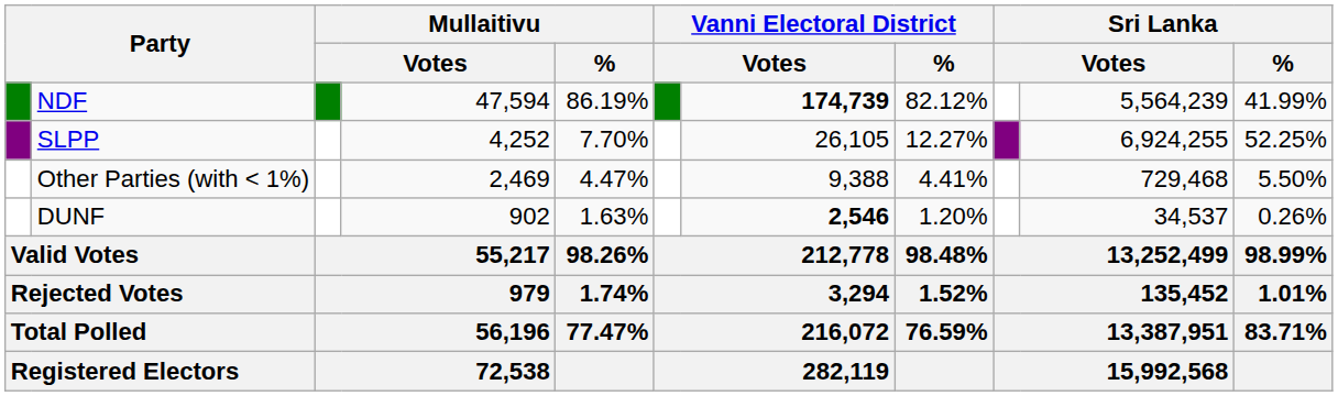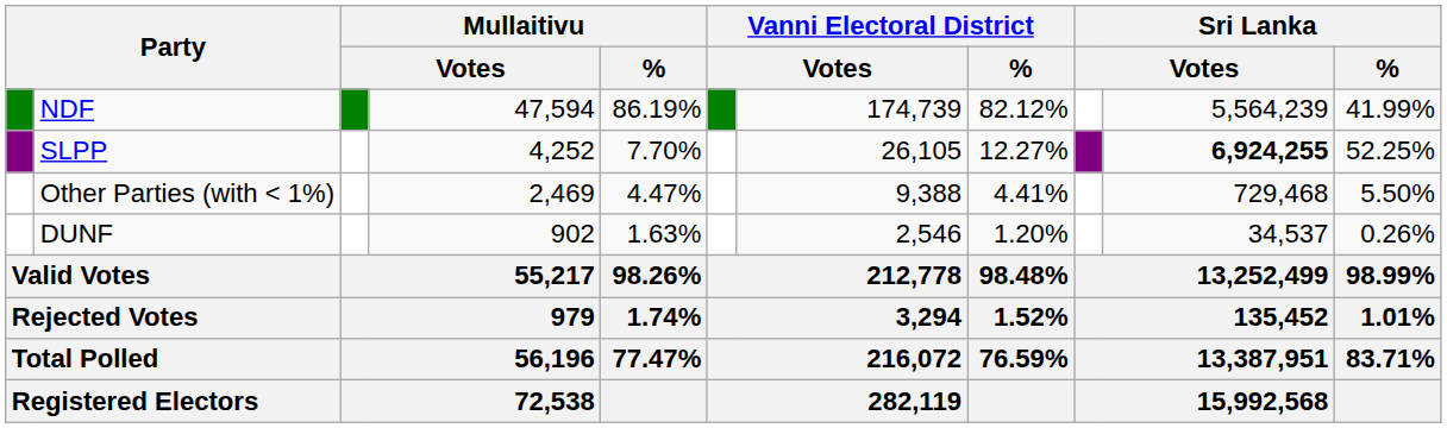 <table class="wikitable">
 <tr>
 <th colspan="2" width="144px"rowspan="2">Party</th>
 <th colspan="3" width="216px">Mullaitivu</th>
 <th colspan="3" width="216px"><a href='#'>Vanni Electoral District</a></th>
 <th colspan="3" width="216px">Sri Lanka</th>
 </tr>
 <tr>
 <th colspan="2" width="144px">Votes</th>
 <th>%</th>
 <th colspan="2" width="144px">Votes</th>
 <th>%</th>
 <th colspan="2" width="144px">Votes</th>
 <th>%</th>
 </tr>
 <tr>
 <td style="background-color:green;" width="10px"></td>
 <td style="text-align:left;"><a href='#'>NDF</a></td>
 <td style="background-color:green;" width="10px"></td>
 <td style="text-align:right;">47,594</td>
 <td style="text-align:right;">86.19%</td>
 <td style="background-color:green;" width="10px"></td>
-<td style="text-align:right;"><strong>174,739</strong></td>
+<td style="text-align:right;">174,739</td>
 <td style="text-align:right;">82.12%</td>
 <td style="background-color:white;" width="10px"></td>
 <td style="text-align:right;">5,564,239</td>
 <td style="text-align:right;">41.99%</td>
 </tr>
 <tr>
 <td style="background-color:purple;" width="10px"></td>
 <td style="text-align:left;"><a href='#'>SLPP</a></td>
 <td style="background-color:white;" width="10px"></td>
 <td style="text-align:right;">4,252</td>
 <td style="text-align:right;">7.70%</td>
 <td style="background-color:white;" width="10px"></td>
 <td style="text-align:right;">26,105</td>
 <td style="text-align:right;">12.27%</td>
 <td style="background-color:purple;" width="10px"></td>
-<td style="text-align:right;">6,924,255</td>
+<td style="text-align:right;"><strong>6,924,255</strong></td>
 <td style="text-align:right;">52.25%</td>
 </tr>
 <tr>
 <td style="background-color:white;" width="10px"></td>
 <td style="text-align:left;">Other Parties (with < 1%)</td>
 <td style="background-color:white;" width="10px"></td>
 <td style="text-align:right;">2,469</td>
 <td style="text-align:right;">4.47%</td>
 <td style="background-color:white;" width="10px"></td>
 <td style="text-align:right;">9,388</td>
 <td style="text-align:right;">4.41%</td>
 <td style="background-color:white;" width="10px"></td>
 <td style="text-align:right;">729,468</td>
 <td style="text-align:right;">5.50%</td>
 </tr>
 <tr>
 <td style="background-color:white;" width="10px"></td>
 <td style="text-align:left;">DUNF</td>
 <td style="background-color:white;" width="10px"></td>
 <td style="text-align:right;">902</td>
 <td style="text-align:right;">1.63%</td>
 <td style="background-color:white;" width="10px"></td>
-<td style="text-align:right;"><strong>2,546</strong></td>
+<td style="text-align:right;">2,546</td>
 <td style="text-align:right;">1.20%</td>
 <td style="background-color:white;" width="10px"></td>
 <td style="text-align:right;">34,537</td>
 <td style="text-align:right;">0.26%</td>
 </tr>
 <tr>
 <th colspan="2" width="144px"style="text-align:left;">Valid Votes</th>
 <th style="text-align:right;"colspan="2" width="144px">55,217</th>
 <th style="text-align:right;">98.26%</th>
 <th style="text-align:right;"colspan="2" width="144px">212,778</th>
 <th style="text-align:right;">98.48%</th>
 <th style="text-align:right;"colspan="2" width="144px">13,252,499</th>
 <th style="text-align:right;">98.99%</th>
 </tr>
 <tr>
 <th colspan="2" width="144px"style="text-align:left;">Rejected Votes</th>
 <th style="text-align:right;"colspan="2" width="144px">979</th>
 <th style="text-align:right;">1.74%</th>
 <th style="text-align:right;"colspan="2" width="144px">3,294</th>
 <th style="text-align:right;">1.52%</th>
 <th style="text-align:right;"colspan="2" width="144px">135,452</th>
 <th style="text-align:right;">1.01%</th>
 </tr>
 <tr>
 <th colspan="2" width="144px"style="text-align:left;">Total Polled</th>
 <th style="text-align:right;"colspan="2" width="144px">56,196</th>
 <th style="text-align:right;">77.47%</th>
 <th style="text-align:right;"colspan="2" width="144px">216,072</th>
 <th style="text-align:right;">76.59%</th>
 <th style="text-align:right;"colspan="2" width="144px">13,387,951</th>
 <th style="text-align:right;">83.71%</th>
 </tr>
 <tr>
 <th colspan="2" width="144px"style="text-align:left;">Registered Electors</th>
 <th style="text-align:right;"colspan="2" width="144px">72,538</th>
 <th></th>
 <th style="text-align:right;"colspan="2" width="144px">282,119</th>
 <th></th>
 <th style="text-align:right;"colspan="2" width="144px">15,992,568</th>
 <th></th>
 </tr>
 </table>
